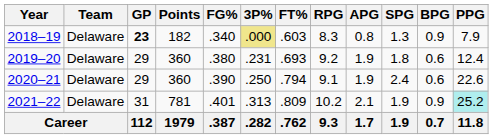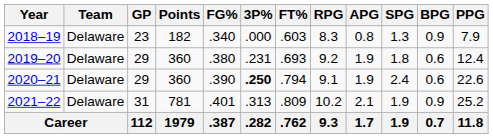 <table class="wikitable"; style="text-align:center";>
 <tr>
 <th>Year</th>
 <th>Team</th>
 <th>GP</th>
 <th>Points</th>
 <th>FG%</th>
 <th>3P%</th>
 <th>FT%</th>
 <th>RPG</th>
 <th>APG</th>
 <th>SPG</th>
 <th>BPG</th>
 <th>PPG</th>
 </tr>
 <tr>
 <td><a href='#'>2018–19</a></td>
 <td>Delaware</td>
-<td><strong>23</strong></td>
+<td>23</td>
 <td>182</td>
 <td>.340</td>
-<td style="background: khaki;">.000</td>
+<td>.000</td>
 <td>.603</td>
 <td>8.3</td>
 <td>0.8</td>
 <td>1.3</td>
 <td>0.9</td>
 <td>7.9</td>
 </tr>
 <tr>
 <td><a href='#'>2019–20</a></td>
 <td>Delaware</td>
 <td>29</td>
 <td>360</td>
 <td>.380</td>
 <td>.231</td>
 <td>.693</td>
 <td>9.2</td>
 <td>1.9</td>
 <td>1.8</td>
 <td>0.6</td>
 <td>12.4</td>
 </tr>
 <tr>
 <td><a href='#'>2020–21</a></td>
 <td>Delaware</td>
 <td>29</td>
 <td>360</td>
 <td>.390</td>
-<td>.250</td>
+<td><strong>.250</strong></td>
 <td>.794</td>
 <td>9.1</td>
 <td>1.9</td>
 <td>2.4</td>
 <td>0.6</td>
 <td>22.6</td>
 </tr>
 <tr>
 <td><a href='#'>2021–22</a></td>
 <td>Delaware</td>
 <td>31</td>
 <td>781</td>
 <td>.401</td>
 <td>.313</td>
 <td>.809</td>
 <td>10.2</td>
 <td>2.1</td>
 <td>1.9</td>
 <td>0.9</td>
-<td style="background: paleturquoise;">25.2</td>
+<td>25.2</td>
 </tr>
 <tr>
 <th colspan=2; align=center>Career</th>
 <th>112</th>
 <th>1979</th>
 <th>.387</th>
 <th>.282</th>
 <th>.762</th>
 <th>9.3</th>
 <th>1.7</th>
 <th>1.9</th>
 <th>0.7</th>
 <th>11.8</th>
 </tr>
 </table>
